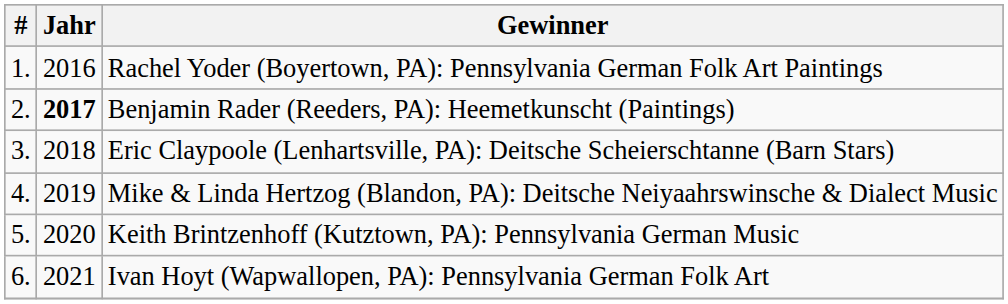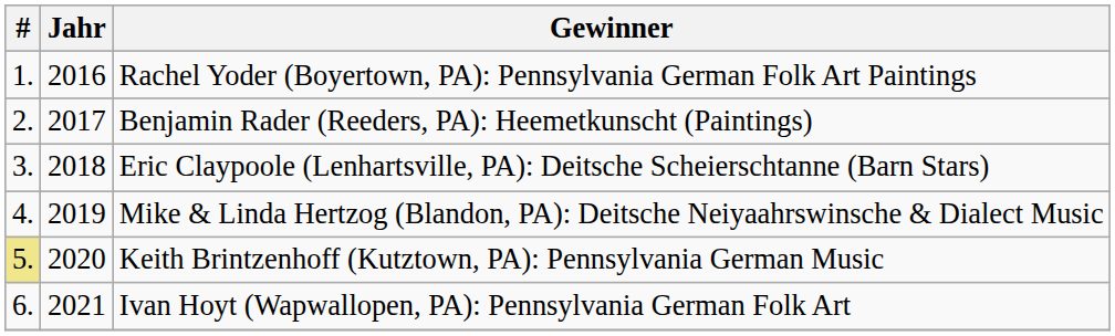 <table class="wikitable">
 <tr>
 <th>#</th>
 <th>Jahr</th>
 <th>Gewinner</th>
 </tr>
 <tr>
 <td>1.</td>
 <td>2016</td>
 <td>Rachel Yoder (Boyertown, PA): Pennsylvania German Folk Art Paintings</td>
 </tr>
 <tr>
 <td>2.</td>
-<td><strong>2017</strong></td>
+<td>2017</td>
 <td>Benjamin Rader (Reeders, PA): Heemetkunscht (Paintings)</td>
 </tr>
 <tr>
 <td>3.</td>
 <td>2018</td>
 <td>Eric Claypoole (Lenhartsville, PA): Deitsche Scheierschtanne (Barn Stars)</td>
 </tr>
 <tr>
 <td>4.</td>
 <td>2019</td>
 <td>Mike & Linda Hertzog (Blandon, PA): Deitsche Neiyaahrswinsche & Dialect Music</td>
 </tr>
 <tr>
-<td>5.</td>
+<td style="background: khaki;">5.</td>
 <td>2020</td>
 <td>Keith Brintzenhoff (Kutztown, PA): Pennsylvania German Music</td>
 </tr>
 <tr>
 <td>6.</td>
 <td>2021</td>
 <td>Ivan Hoyt (Wapwallopen, PA): Pennsylvania German Folk Art</td>
 </tr>
 <tr>
 </tr>
 </table>
